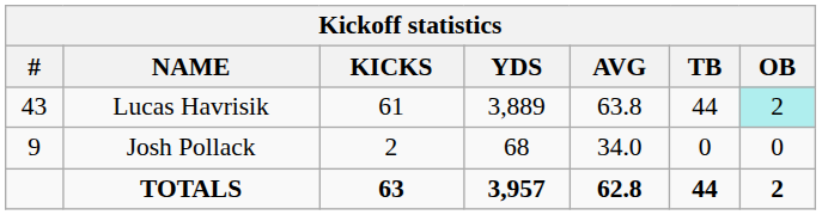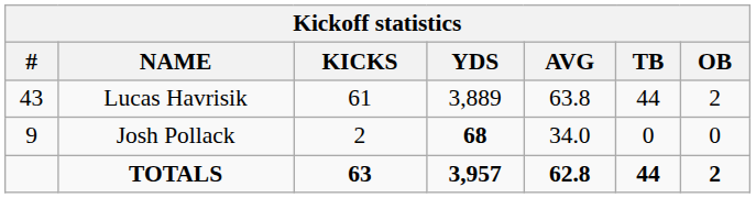 <table style="width:40%; text-align:center;" class="wikitable collapsible collapsed">
 <tr>
 <th colspan="8">Kickoff statistics</th>
 </tr>
 <tr>
 <th>#</th>
 <th>NAME</th>
 <th>KICKS</th>
 <th>YDS</th>
 <th>AVG</th>
 <th>TB</th>
 <th>OB</th>
 </tr>
 <tr>
 <td>43</td>
 <td>Lucas Havrisik</td>
 <td>61</td>
 <td>3,889</td>
 <td>63.8</td>
 <td>44</td>
-<td style="background: paleturquoise;">2</td>
+<td>2</td>
 </tr>
 <tr>
 <td>9</td>
 <td>Josh Pollack</td>
 <td>2</td>
-<td>68</td>
+<td><strong>68</strong></td>
 <td>34.0</td>
 <td>0</td>
 <td>0</td>
 </tr>
 <tr>
 <td></td>
 <td><strong>TOTALS</strong></td>
 <td><strong>63</strong></td>
 <td><strong>3,957</strong></td>
 <td><strong>62.8</strong></td>
 <td><strong>44</strong></td>
 <td><strong>2</strong></td>
 </tr>
 </table>
